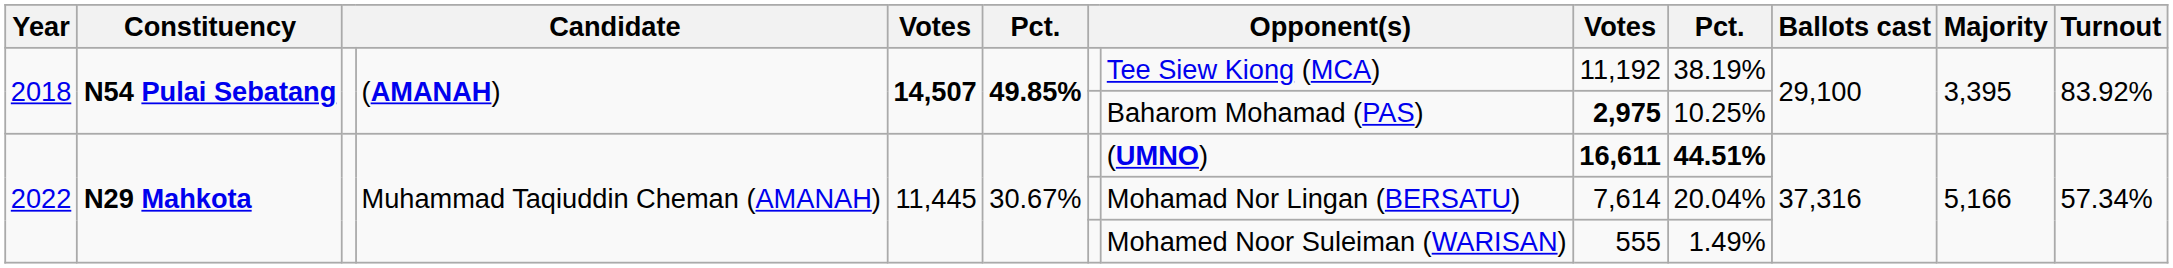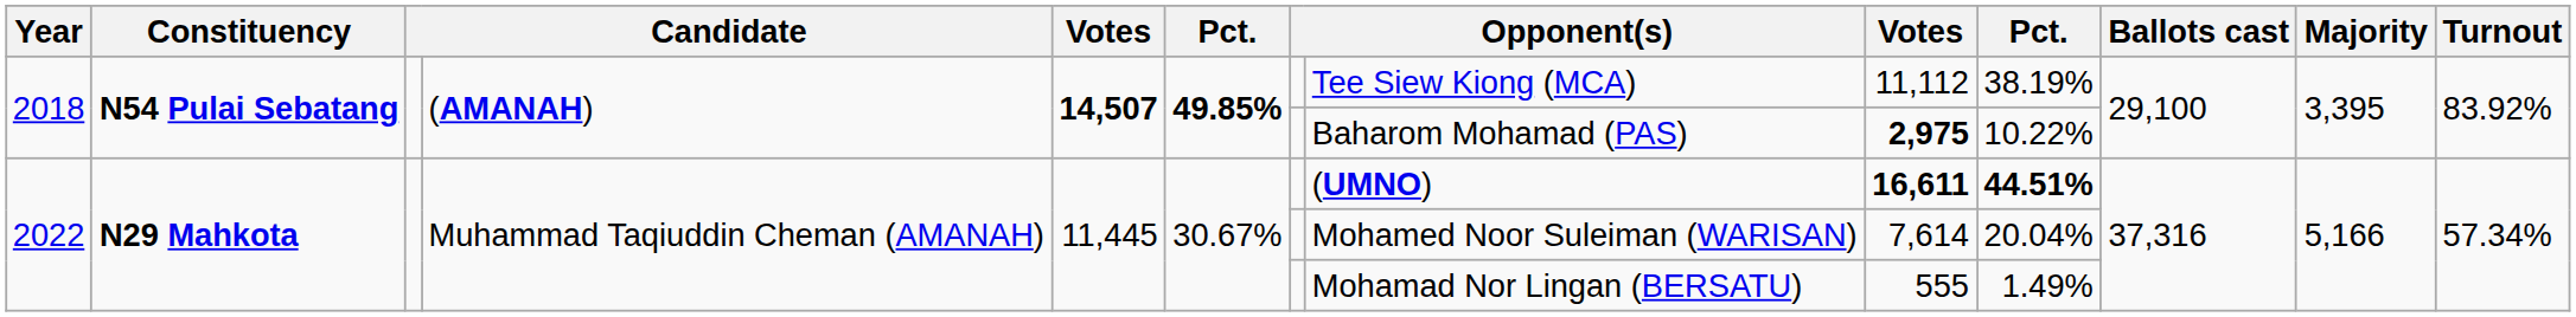 <table class="wikitable" style="margin:0.5em ; font-size:95%">
 <tr>
 <th>Year</th>
 <th>Constituency</th>
 <th colspan="2">Candidate</th>
 <th>Votes</th>
 <th>Pct.</th>
 <th colspan="2">Opponent(s)</th>
 <th>Votes</th>
 <th>Pct.</th>
 <th>Ballots cast</th>
 <th>Majority</th>
 <th>Turnout</th>
 </tr>
 <tr>
 <td rowspan="2"><a href='#'>2018</a></td>
 <td rowspan="2"><strong>N54 <a href='#'>Pulai Sebatang</a></strong></td>
 <td rowspan="2" ></td>
 <td rowspan="2"> (<a href='#'><strong>AMANAH</strong></a>)</td>
 <td rowspan="2" align=right><strong>14,507</strong></td>
 <td rowspan="2"><strong>49.85%</strong></td>
 <td></td>
 <td><a href='#'>Tee Siew Kiong</a> (<a href='#'>MCA</a>)</td>
-<td align=right>11,192</td>
+<td align=right>11,112</td>
 <td>38.19%</td>
 <td rowspan="2">29,100</td>
 <td rowspan="2">3,395</td>
 <td rowspan="2">83.92%</td>
 </tr>
 <tr>
 <td></td>
 <td>Baharom Mohamad (<a href='#'>PAS</a>)</td>
 <td align=right><strong>2,975</strong></td>
-<td>10.25%</td>
+<td>10.22%</td>
 </tr>
 <tr>
 <td rowspan="3"><a href='#'>2022</a></td>
 <td rowspan="3"><strong>N29 <a href='#'>Mahkota</a></strong></td>
 <td rowspan="3" ></td>
 <td rowspan="3">Muhammad Taqiuddin Cheman (<a href='#'>AMANAH</a>)</td>
 <td rowspan="3" align=right>11,445</td>
 <td rowspan="3">30.67%</td>
 <td></td>
 <td> (<a href='#'><strong>UMNO</strong></a>)</td>
 <td align=right><strong>16,611</strong></td>
 <td><strong>44.51%</strong></td>
 <td rowspan="3">37,316</td>
 <td rowspan="3">5,166</td>
 <td rowspan="3">57.34%</td>
 </tr>
 <tr>
 <td></td>
-<td>Mohamad Nor Lingan (<a href='#'>BERSATU</a>)</td>
+<td>Mohamed Noor Suleiman (<a href='#'>WARISAN</a>)</td>
 <td align=right>7,614</td>
 <td>20.04%</td>
 </tr>
 <tr>
 <td></td>
-<td>Mohamed Noor Suleiman (<a href='#'>WARISAN</a>)</td>
+<td>Mohamad Nor Lingan (<a href='#'>BERSATU</a>)</td>
 <td align=right>555</td>
 <td align=right>1.49%</td>
 </tr>
 </table>
